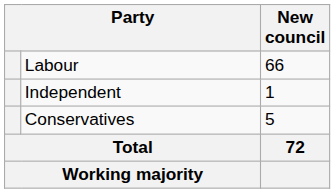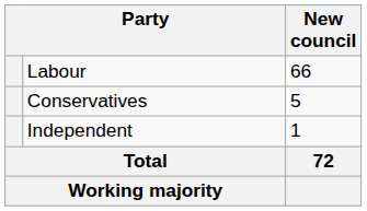 <table class="wikitable">
 <tr>
 <th valign=top colspan="2" style="width: 230px">Party</th>
 <th valign=top style="width: 30px">New council</th>
 </tr>
 <tr>
 <th style="background-color: "></th>
 <td>Labour</td>
 <td>66</td>
 </tr>
 <tr>
 <th style="background-color: "></th>
-<td>Independent</td>
-<td>1</td>
+<td>Conservatives</td>
+<td>5</td>
 </tr>
 <tr>
 <th style="background-color: "></th>
-<td>Conservatives</td>
-<td>5</td>
+<td>Independent</td>
+<td>1</td>
 </tr>
 <tr>
 <th colspan=2>Total</th>
 <th style="text-align: center">72</th>
 </tr>
 <tr>
 <th colspan=2>Working majority</th>
 <th></th>
 </tr>
 </table>
